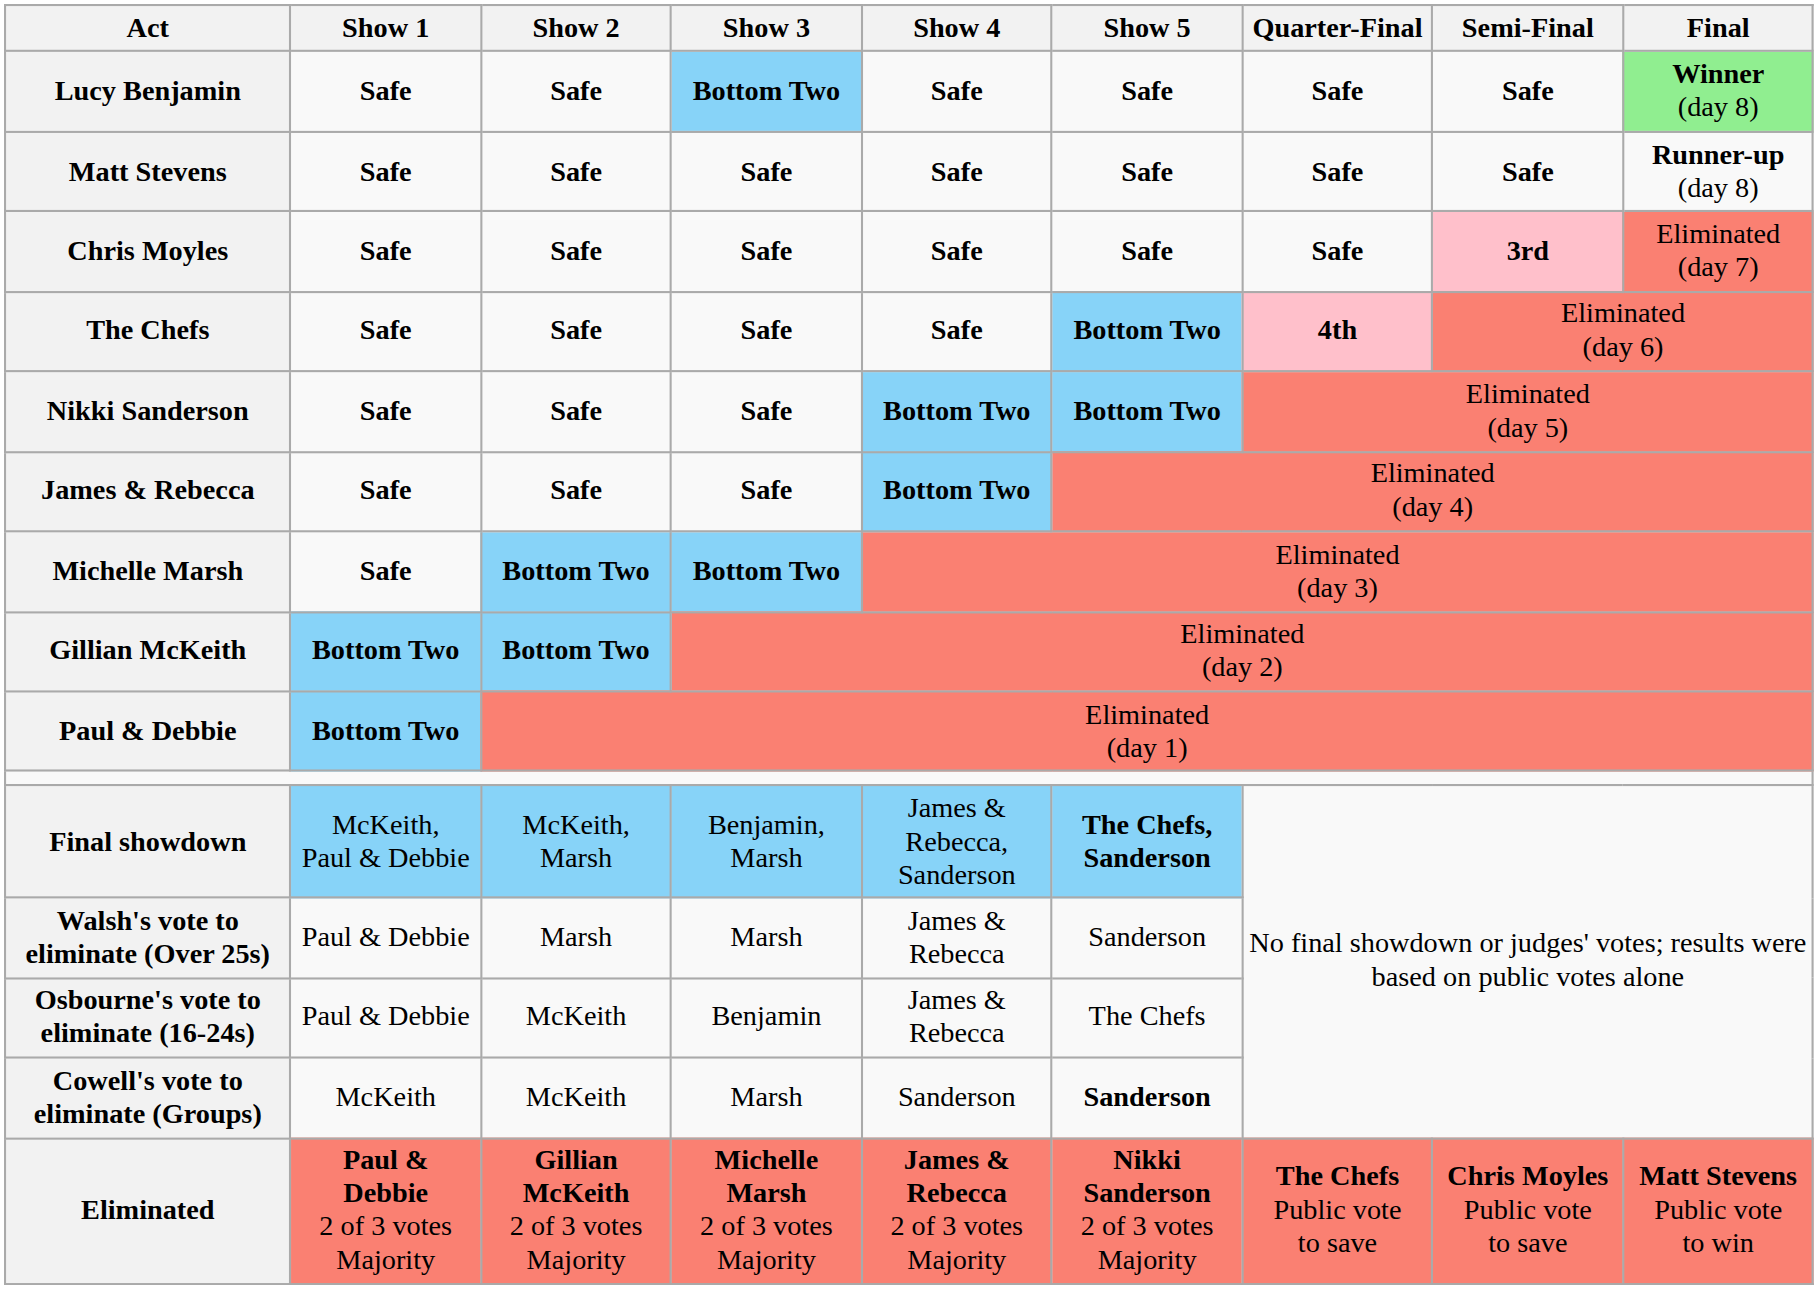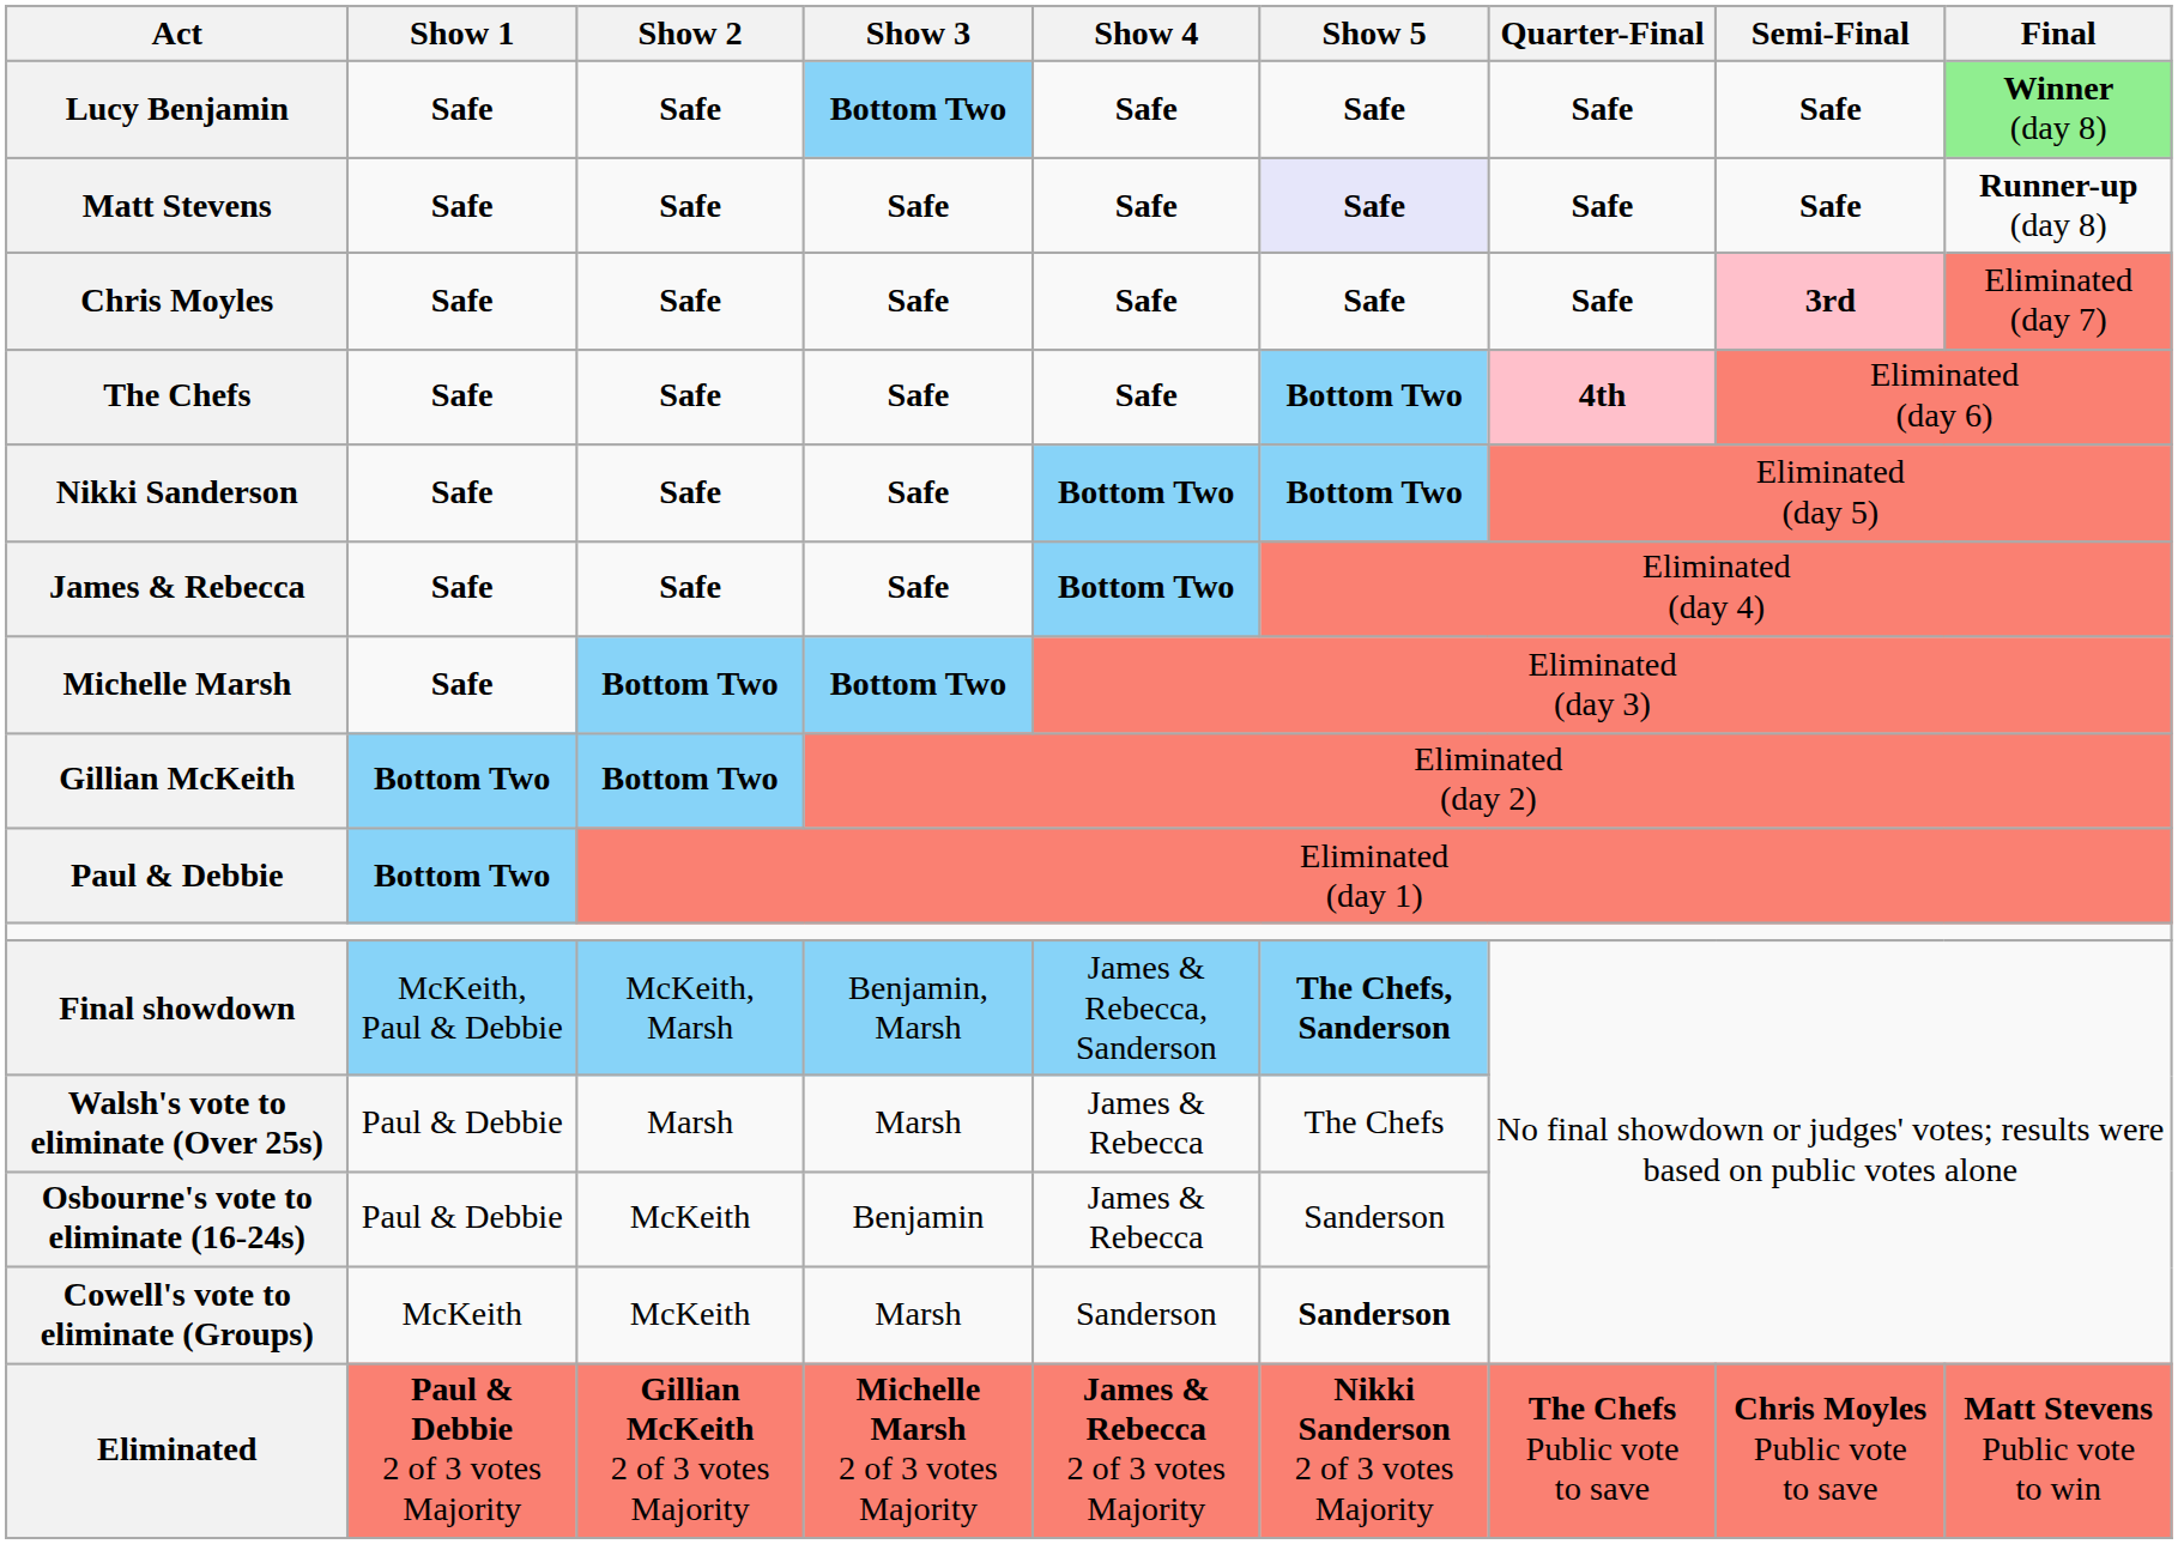 <table class="wikitable" style="text-align:center; font-size:85%">
 <tr>
 <th style="width:15%">Act</th>
 <th style="width:10%">Show 1</th>
 <th style="width:10%">Show 2</th>
 <th style="width:10%">Show 3</th>
 <th style="width:10%">Show 4</th>
 <th style="width:10%">Show 5</th>
 <th style="width:10%">Quarter-Final</th>
 <th style="width:10%">Semi-Final</th>
 <th style="width:10%">Final</th>
 </tr>
 <tr>
 <th>Lucy Benjamin</th>
 <td><strong>Safe</strong></td>
 <td><strong>Safe</strong></td>
 <td style="background:#87D3F8"><strong>Bottom Two</strong></td>
 <td><strong>Safe</strong></td>
 <td><strong>Safe</strong></td>
 <td><strong>Safe</strong></td>
 <td><strong>Safe</strong></td>
 <td style=background:lightgreen><strong>Winner</strong><br> (day 8)</td>
 </tr>
 <tr>
 <th>Matt Stevens</th>
 <td><strong>Safe</strong></td>
 <td><strong>Safe</strong></td>
 <td><strong>Safe</strong></td>
 <td><strong>Safe</strong></td>
-<td><strong>Safe</strong></td>
+<td style="background: lavender;"><strong>Safe</strong></td>
 <td><strong>Safe</strong></td>
 <td><strong>Safe</strong></td>
 <td><strong>Runner-up</strong><br> (day 8)</td>
 </tr>
 <tr>
 <th>Chris Moyles</th>
 <td><strong>Safe</strong></td>
 <td><strong>Safe</strong></td>
 <td><strong>Safe</strong></td>
 <td><strong>Safe</strong></td>
 <td><strong>Safe</strong></td>
 <td><strong>Safe</strong></td>
 <td style=background:pink><strong>3rd</strong></td>
 <td style="background:salmon">Eliminated<br>(day 7)</td>
 </tr>
 <tr>
 <th>The Chefs</th>
 <td><strong>Safe</strong></td>
 <td><strong>Safe</strong></td>
 <td><strong>Safe</strong></td>
 <td><strong>Safe</strong></td>
 <td style="background:#87D3F8"><strong>Bottom Two</strong></td>
 <td style=background:pink><strong>4th</strong></td>
 <td style="background:salmon" colspan=2>Eliminated<br>(day 6)</td>
 </tr>
 <tr>
 <th>Nikki Sanderson</th>
 <td><strong>Safe</strong></td>
 <td><strong>Safe</strong></td>
 <td><strong>Safe</strong></td>
 <td style="background:#87D3F8"><strong>Bottom Two</strong></td>
 <td style="background:#87D3F8"><strong>Bottom Two</strong></td>
 <td style="background:salmon" colspan=3>Eliminated<br>(day 5)</td>
 </tr>
 <tr>
 <th>James & Rebecca</th>
 <td><strong>Safe</strong></td>
 <td><strong>Safe</strong></td>
 <td><strong>Safe</strong></td>
 <td style="background:#87D3F8"><strong>Bottom Two</strong></td>
 <td style="background:salmon" colspan=4>Eliminated<br>(day 4)</td>
 </tr>
 <tr>
 <th>Michelle Marsh</th>
 <td><strong>Safe</strong></td>
 <td style="background:#87D3F8"><strong>Bottom Two</strong></td>
 <td style="background:#87D3F8"><strong>Bottom Two</strong></td>
 <td style="background:salmon" colspan=5>Eliminated<br>(day 3)</td>
 </tr>
 <tr>
 <th>Gillian McKeith</th>
 <td style="background:#87D3F8"><strong>Bottom Two</strong></td>
 <td style="background:#87D3F8"><strong>Bottom Two</strong></td>
 <td style="background:salmon" colspan=6>Eliminated<br>(day 2)</td>
 </tr>
 <tr>
 <th>Paul & Debbie</th>
 <td style="background:#87D3F8"><strong>Bottom Two</strong></td>
 <td style="background:salmon" colspan=7>Eliminated<br>(day 1)</td>
 </tr>
 <tr>
 <td colspan=10></td>
 </tr>
 <tr>
 <th>Final showdown</th>
 <td style="background:#87D3F8">McKeith,<br>Paul & Debbie</td>
 <td style="background:#87D3F8">McKeith, <br>Marsh</td>
 <td style="background:#87D3F8">Benjamin,<br>Marsh</td>
 <td style="background:#87D3F8">James & Rebecca,<br>Sanderson</td>
 <td style="background:#87D3F8"><strong>The Chefs,<br>Sanderson</strong></td>
 <td rowspan=4 colspan=3>No final showdown or judges' votes; results were based on public votes alone</td>
 </tr>
 <tr>
 <th>Walsh's vote to eliminate (Over 25s)</th>
 <td>Paul & Debbie</td>
 <td>Marsh</td>
 <td>Marsh</td>
 <td>James & Rebecca</td>
-<td>Sanderson</td>
+<td>The Chefs</td>
 </tr>
 <tr>
 <th>Osbourne's vote to eliminate (16-24s)</th>
 <td>Paul & Debbie</td>
 <td>McKeith</td>
 <td>Benjamin</td>
 <td>James & Rebecca</td>
-<td>The Chefs</td>
+<td>Sanderson</td>
 </tr>
 <tr>
 <th>Cowell's vote to eliminate (Groups)</th>
 <td>McKeith</td>
 <td>McKeith</td>
 <td>Marsh</td>
 <td>Sanderson</td>
 <td><strong>Sanderson</strong></td>
 </tr>
 <tr>
 <th>Eliminated</th>
 <td style="background:salmon"><strong>Paul & Debbie</strong><br>2 of 3 votes<br>Majority</td>
 <td style="background:salmon"><strong>Gillian McKeith</strong><br>2 of 3 votes<br>Majority</td>
 <td style="background:salmon"><strong>Michelle Marsh</strong><br>2 of 3 votes<br>Majority</td>
 <td style="background:salmon"><strong>James & Rebecca</strong><br>2 of 3 votes<br>Majority</td>
 <td style="background:salmon"><strong>Nikki Sanderson</strong><br>2 of 3 votes<br>Majority</td>
 <td style="background:salmon"><strong>The Chefs</strong><br>Public vote<br>to save</td>
 <td style="background:salmon"><strong>Chris Moyles</strong><br>Public vote<br>to save</td>
 <td style="background:salmon"><strong>Matt Stevens</strong><br>Public vote<br>to win</td>
 </tr>
 <tr>
 </tr>
 </table>
